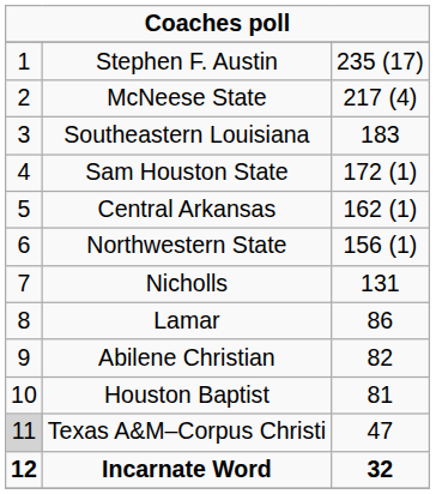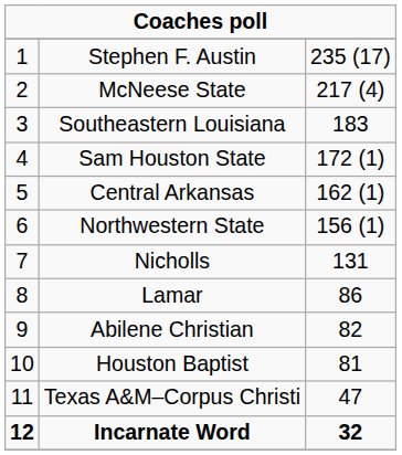 <table class="wikitable">
 <tr align="center">
 <td align="center" Colspan="3"><strong>Coaches poll</strong></td>
 </tr>
 <tr align="center">
 </tr>
 <tr align="center">
 <td>1</td>
 <td>Stephen F. Austin</td>
 <td>235 (17)</td>
 </tr>
 <tr align="center">
 <td>2</td>
 <td>McNeese State</td>
 <td>217 (4)</td>
 </tr>
 <tr align="center">
 <td>3</td>
 <td>Southeastern Louisiana</td>
 <td>183</td>
 </tr>
 <tr align="center">
 <td>4</td>
 <td>Sam Houston State</td>
 <td>172 (1)</td>
 </tr>
 <tr align="center">
 <td>5</td>
 <td>Central Arkansas</td>
 <td>162 (1)</td>
 </tr>
 <tr align="center">
 <td>6</td>
 <td>Northwestern State</td>
 <td>156 (1)</td>
 </tr>
 <tr align="center">
 <td>7</td>
 <td>Nicholls</td>
 <td>131</td>
 </tr>
 <tr align="center">
 <td>8</td>
 <td>Lamar</td>
 <td>86</td>
 </tr>
 <tr align="center">
 <td>9</td>
 <td>Abilene Christian</td>
 <td>82</td>
 </tr>
 <tr align="center">
 <td>10</td>
 <td>Houston Baptist</td>
 <td>81</td>
 </tr>
 <tr align="center">
-<td style="background: lightgrey;">11</td>
+<td>11</td>
 <td>Texas A&M–Corpus Christi</td>
 <td>47</td>
 </tr>
 <tr align="center">
 <td><strong>12</strong></td>
 <td><strong>Incarnate Word</strong></td>
 <td><strong>32</strong></td>
 </tr>
 <tr align="center">
 </tr>
 </table>
